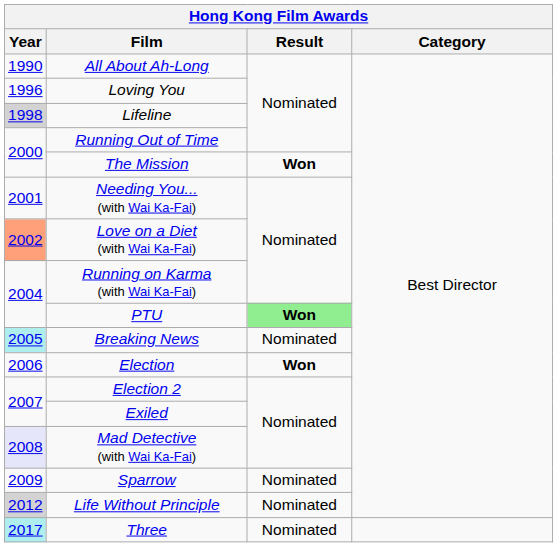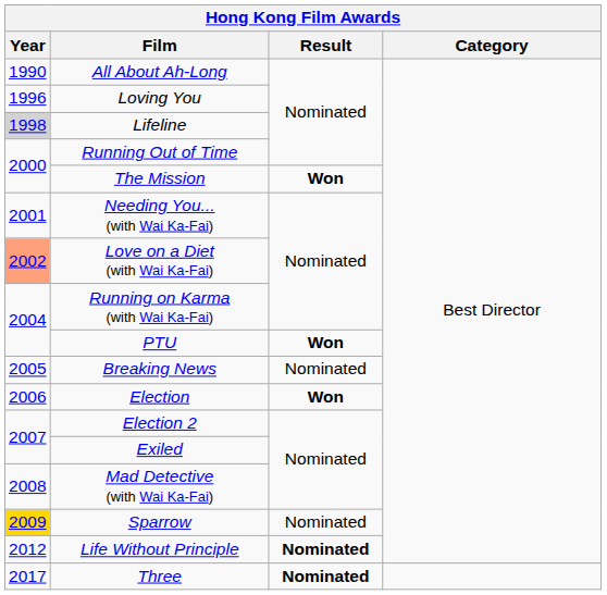 <table class="wikitable">
 <tr>
 <th colspan="5" align="center"><a href='#'>Hong Kong Film Awards</a></th>
 </tr>
 <tr>
 <th width="33">Year</th>
 <th width="200">Film</th>
 <th width="100">Result</th>
 <th width="200">Category</th>
 </tr>
 <tr>
 <td align="center"><a href='#'>1990</a></td>
 <td align="center"><em><a href='#'>All About Ah-Long</a></em></td>
 <td align="center" rowspan="4">Nominated</td>
 <td align="center" rowspan="16">Best Director</td>
 </tr>
 <tr>
 <td align="center"><a href='#'>1996</a></td>
 <td align="center"><em>Loving You</em></td>
 </tr>
 <tr>
 <td align="center" style="background: lightgrey;"><a href='#'>1998</a></td>
 <td align="center"><em>Lifeline</em></td>
 </tr>
 <tr>
 <td align="center" rowspan="2"><a href='#'>2000</a></td>
 <td align="center"><em><a href='#'>Running Out of Time</a></em></td>
 </tr>
 <tr>
 <td align="center"><em><a href='#'>The Mission</a></em></td>
 <td align="center"><strong>Won</strong></td>
 </tr>
 <tr>
 <td align="center"><a href='#'>2001</a></td>
 <td align="center"><em><a href='#'>Needing You...</a></em><br><small>(with <a href='#'>Wai Ka-Fai</a>)</small></td>
 <td align="center" rowspan="3">Nominated</td>
 </tr>
 <tr>
 <td align="center" style="background: lightsalmon;"><a href='#'>2002</a></td>
 <td align="center"><em><a href='#'>Love on a Diet</a></em><br><small>(with <a href='#'>Wai Ka-Fai</a>)</small></td>
 </tr>
 <tr>
 <td align="center" rowspan="2"><a href='#'>2004</a></td>
 <td align="center"><em><a href='#'>Running on Karma</a></em><br><small>(with <a href='#'>Wai Ka-Fai</a>)</small></td>
 </tr>
 <tr>
 <td align="center"><em><a href='#'>PTU</a></em></td>
-<td align="center" style="background: lightgreen;"><strong>Won</strong></td>
+<td align="center"><strong>Won</strong></td>
 </tr>
 <tr>
-<td align="center" style="background: paleturquoise;"><a href='#'>2005</a></td>
+<td align="center"><a href='#'>2005</a></td>
 <td align="center"><em><a href='#'>Breaking News</a></em></td>
 <td align="center" rowspan="1">Nominated</td>
 </tr>
 <tr>
 <td align="center"><a href='#'>2006</a></td>
 <td align="center"><em><a href='#'>Election</a></em></td>
 <td align="center"><strong>Won</strong></td>
 </tr>
 <tr>
 <td align="center" rowspan="2"><a href='#'>2007</a></td>
 <td align="center"><em><a href='#'>Election 2</a></em></td>
 <td align="center" rowspan="3">Nominated</td>
 </tr>
 <tr>
 <td align="center"><em><a href='#'>Exiled</a></em></td>
 </tr>
 <tr>
-<td align="center" style="background: lavender;"><a href='#'>2008</a></td>
+<td align="center"><a href='#'>2008</a></td>
 <td align="center"><em><a href='#'>Mad Detective</a></em><br><small>(with <a href='#'>Wai Ka-Fai</a>)</small></td>
 </tr>
 <tr>
-<td align="center" rowspan="1"><a href='#'>2009</a></td>
+<td align="center" rowspan="1" style="background: gold;"><a href='#'>2009</a></td>
 <td align="center"><em><a href='#'>Sparrow</a></em></td>
 <td align="center" rowspan="1">Nominated</td>
 </tr>
 <tr>
-<td align="center" rowspan="1" style="background: lightgrey;"><a href='#'>2012</a></td>
+<td align="center" rowspan="1"><a href='#'>2012</a></td>
 <td align="center"><em><a href='#'>Life Without Principle</a></em></td>
-<td align="center" rowspan="1">Nominated</td>
+<td align="center" rowspan="1"><strong>Nominated</strong></td>
 </tr>
 <tr>
-<td align="center" rowspan="1" style="background: paleturquoise;"><a href='#'>2017</a></td>
+<td align="center" rowspan="1"><a href='#'>2017</a></td>
 <td align="center"><em><a href='#'>Three</a></em></td>
-<td align="center" rowspan="1">Nominated</td>
+<td align="center" rowspan="1"><strong>Nominated</strong></td>
 </tr>
 </table>
